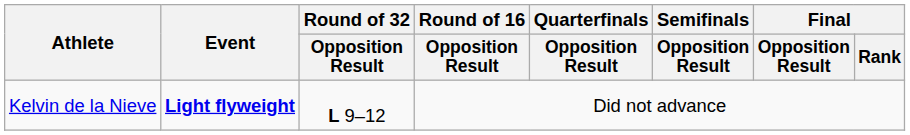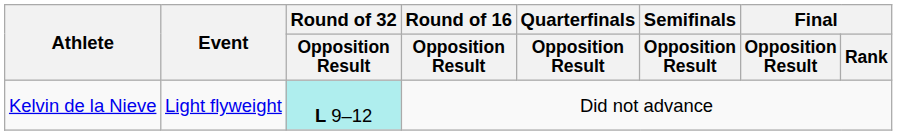 <table class="wikitable" style="font-size:90%">
 <tr>
 <th rowspan="2">Athlete</th>
 <th rowspan="2">Event</th>
 <th>Round of 32</th>
 <th>Round of 16</th>
 <th>Quarterfinals</th>
 <th>Semifinals</th>
 <th colspan=2>Final</th>
 </tr>
 <tr style="font-size:95%">
 <th>Opposition<br>Result</th>
 <th>Opposition<br>Result</th>
 <th>Opposition<br>Result</th>
 <th>Opposition<br>Result</th>
 <th>Opposition<br>Result</th>
 <th>Rank</th>
 </tr>
 <tr align=center>
 <td align=left><a href='#'>Kelvin de la Nieve</a></td>
-<td align=left><strong><a href='#'>Light flyweight</a></strong></td>
-<td><br><strong>L</strong> 9–12</td>
+<td align=left><a href='#'>Light flyweight</a></td>
+<td style="background: paleturquoise;"><br><strong>L</strong> 9–12</td>
 <td colspan=5>Did not advance</td>
 </tr>
 </table>
